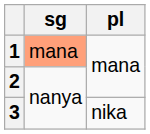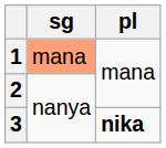 <table class=wikitable>
 <tr>
 <th></th>
 <th>sg</th>
 <th>pl</th>
 </tr>
 <tr>
 <th>1</th>
 <td style="background: lightsalmon;">mana</td>
 <td rowspan=2>mana</td>
 </tr>
 <tr>
 <th>2</th>
 <td rowspan=2>nanya</td>
 </tr>
 <tr>
 <th>3</th>
-<td>nika</td>
+<td><strong>nika</strong></td>
 </tr>
 </table>
